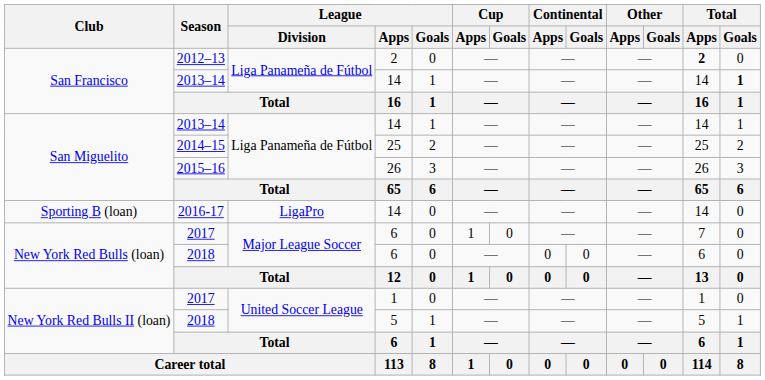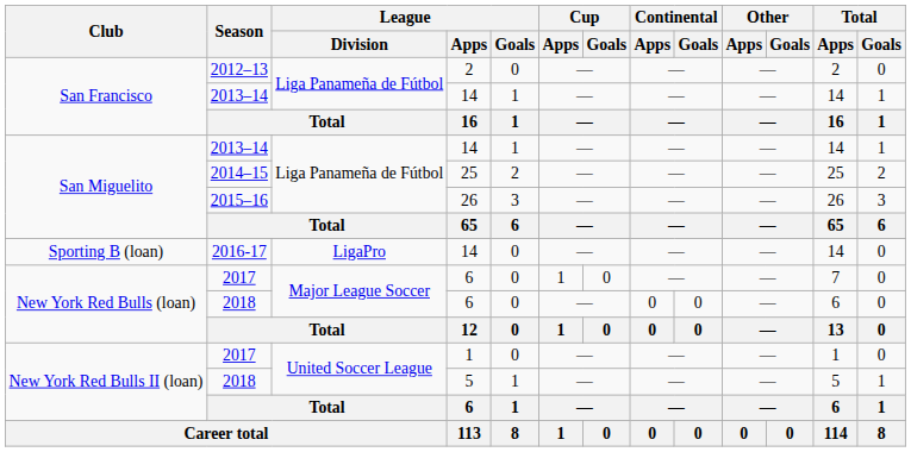 <table class="wikitable" style="text-align: center;">
 <tr>
 <th rowspan="2">Club</th>
 <th rowspan="2">Season</th>
 <th colspan="3">League</th>
 <th colspan="2">Cup</th>
 <th colspan="2">Continental</th>
 <th colspan="2">Other</th>
 <th colspan="2">Total</th>
 </tr>
 <tr>
 <th>Division</th>
 <th>Apps</th>
 <th>Goals</th>
 <th>Apps</th>
 <th>Goals</th>
 <th>Apps</th>
 <th>Goals</th>
 <th>Apps</th>
 <th>Goals</th>
 <th>Apps</th>
 <th>Goals</th>
 </tr>
 <tr>
 <td rowspan="3"><a href='#'>San Francisco</a></td>
 <td><a href='#'>2012–13</a></td>
 <td rowspan="2"><a href='#'>Liga Panameña de Fútbol</a></td>
 <td>2</td>
 <td>0</td>
 <td colspan="2">—</td>
 <td colspan="2">—</td>
 <td colspan="2">—</td>
-<td><strong>2</strong></td>
+<td>2</td>
 <td>0</td>
 </tr>
 <tr>
 <td><a href='#'>2013–14</a></td>
 <td>14</td>
 <td>1</td>
 <td colspan="2">—</td>
 <td colspan="2">—</td>
 <td colspan="2">—</td>
 <td>14</td>
-<td><strong>1</strong></td>
+<td>1</td>
 </tr>
 <tr>
 <th colspan="2">Total</th>
 <th>16</th>
 <th>1</th>
 <th colspan="2">—</th>
 <th colspan="2">—</th>
 <th colspan="2">—</th>
 <th>16</th>
 <th>1</th>
 </tr>
 <tr>
 <td rowspan="4"><a href='#'>San Miguelito</a></td>
 <td><a href='#'>2013–14</a></td>
 <td rowspan="3">Liga Panameña de Fútbol</td>
 <td>14</td>
 <td>1</td>
 <td colspan="2">—</td>
 <td colspan="2">—</td>
 <td colspan="2">—</td>
 <td>14</td>
 <td>1</td>
 </tr>
 <tr>
 <td><a href='#'>2014–15</a></td>
 <td>25</td>
 <td>2</td>
 <td colspan="2">—</td>
 <td colspan="2">—</td>
 <td colspan="2">—</td>
 <td>25</td>
 <td>2</td>
 </tr>
 <tr>
 <td><a href='#'>2015–16</a></td>
 <td>26</td>
 <td>3</td>
 <td colspan="2">—</td>
 <td colspan="2">—</td>
 <td colspan="2">—</td>
 <td>26</td>
 <td>3</td>
 </tr>
 <tr>
 <th colspan="2">Total</th>
 <th>65</th>
 <th>6</th>
 <th colspan="2">—</th>
 <th colspan="2">—</th>
 <th colspan="2">—</th>
 <th>65</th>
 <th>6</th>
 </tr>
 <tr>
 <td><a href='#'>Sporting B</a> (loan)</td>
 <td><a href='#'>2016-17</a></td>
 <td><a href='#'>LigaPro</a></td>
 <td>14</td>
 <td>0</td>
 <td colspan="2">—</td>
 <td colspan="2">—</td>
 <td colspan="2">—</td>
 <td>14</td>
 <td>0</td>
 </tr>
 <tr>
 <td rowspan="3"><a href='#'>New York Red Bulls</a> (loan)</td>
 <td><a href='#'>2017</a></td>
 <td rowspan="2"><a href='#'>Major League Soccer</a></td>
 <td>6</td>
 <td>0</td>
 <td>1</td>
 <td>0</td>
 <td colspan="2">—</td>
 <td colspan="2">—</td>
 <td>7</td>
 <td>0</td>
 </tr>
 <tr>
 <td><a href='#'>2018</a></td>
 <td>6</td>
 <td>0</td>
 <td colspan="2">—</td>
 <td>0</td>
 <td>0</td>
 <td colspan="2">—</td>
 <td>6</td>
 <td>0</td>
 </tr>
 <tr>
 <th colspan="2">Total</th>
 <th>12</th>
 <th>0</th>
 <th>1</th>
 <th>0</th>
 <th>0</th>
 <th>0</th>
 <th colspan="2">—</th>
 <th>13</th>
 <th>0</th>
 </tr>
 <tr>
 <td rowspan="3"><a href='#'>New York Red Bulls II</a> (loan)</td>
 <td><a href='#'>2017</a></td>
 <td rowspan="2"><a href='#'>United Soccer League</a></td>
 <td>1</td>
 <td>0</td>
 <td colspan="2">—</td>
 <td colspan="2">—</td>
 <td colspan="2">—</td>
 <td>1</td>
 <td>0</td>
 </tr>
 <tr>
 <td><a href='#'>2018</a></td>
 <td>5</td>
 <td>1</td>
 <td colspan="2">—</td>
 <td colspan="2">—</td>
 <td colspan="2">—</td>
 <td>5</td>
 <td>1</td>
 </tr>
 <tr>
 <th colspan="2">Total</th>
 <th>6</th>
 <th>1</th>
 <th colspan="2">—</th>
 <th colspan="2">—</th>
 <th colspan="2">—</th>
 <th>6</th>
 <th>1</th>
 </tr>
 <tr>
 <th colspan="3">Career total</th>
 <th>113</th>
 <th>8</th>
 <th>1</th>
 <th>0</th>
 <th>0</th>
 <th>0</th>
 <th>0</th>
 <th>0</th>
 <th>114</th>
 <th>8</th>
 </tr>
 </table>
